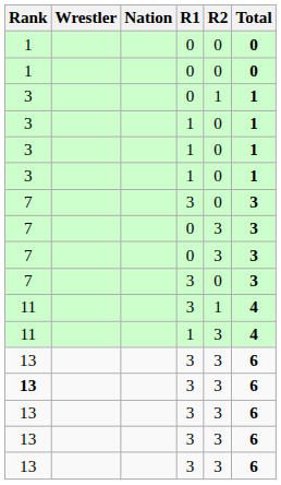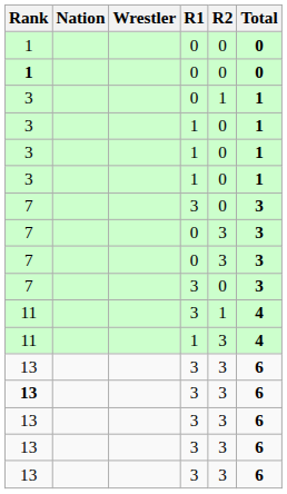 <table class="wikitable sortable" style="text-align:center;">
 <tr>
 <th>Rank</th>
+<th>Nation</th>
 <th>Wrestler</th>
-<th>Nation</th>
 <th>R1</th>
 <th>R2</th>
 <th>Total</th>
 </tr>
 <tr style="background:#cfc;">
 <td>1</td>
 <td align=left></td>
 <td align=left></td>
 <td>0</td>
 <td>0</td>
 <td><strong>0</strong></td>
 </tr>
 <tr style="background:#cfc;">
-<td>1</td>
+<td><strong>1</strong></td>
 <td align=left></td>
 <td align=left></td>
 <td>0</td>
 <td>0</td>
 <td><strong>0</strong></td>
 </tr>
 <tr style="background:#cfc;">
 <td>3</td>
 <td align=left></td>
 <td align=left></td>
 <td>0</td>
 <td>1</td>
 <td><strong>1</strong></td>
 </tr>
 <tr style="background:#cfc;">
 <td>3</td>
 <td align=left></td>
 <td align=left></td>
 <td>1</td>
 <td>0</td>
 <td><strong>1</strong></td>
 </tr>
 <tr style="background:#cfc;">
 <td>3</td>
 <td align=left></td>
 <td align=left></td>
 <td>1</td>
 <td>0</td>
 <td><strong>1</strong></td>
 </tr>
 <tr style="background:#cfc;">
 <td>3</td>
 <td align=left></td>
 <td align=left></td>
 <td>1</td>
 <td>0</td>
 <td><strong>1</strong></td>
 </tr>
 <tr style="background:#cfc;">
 <td>7</td>
 <td align=left></td>
 <td align=left></td>
 <td>3</td>
 <td>0</td>
 <td><strong>3</strong></td>
 </tr>
 <tr style="background:#cfc;">
 <td>7</td>
 <td align=left></td>
 <td align=left></td>
 <td>0</td>
 <td>3</td>
 <td><strong>3</strong></td>
 </tr>
 <tr style="background:#cfc;">
 <td>7</td>
 <td align=left></td>
 <td align=left></td>
 <td>0</td>
 <td>3</td>
 <td><strong>3</strong></td>
 </tr>
 <tr style="background:#cfc;">
 <td>7</td>
 <td align=left></td>
 <td align=left></td>
 <td>3</td>
 <td>0</td>
 <td><strong>3</strong></td>
 </tr>
 <tr style="background:#cfc;">
 <td>11</td>
 <td align=left></td>
 <td align=left></td>
 <td>3</td>
 <td>1</td>
 <td><strong>4</strong></td>
 </tr>
 <tr style="background:#cfc;">
 <td>11</td>
 <td align=left></td>
 <td align=left></td>
 <td>1</td>
 <td>3</td>
 <td><strong>4</strong></td>
 </tr>
 <tr>
 <td>13</td>
 <td align=left></td>
 <td align=left></td>
 <td>3</td>
 <td>3</td>
 <td><strong>6</strong></td>
 </tr>
 <tr>
 <td><strong>13</strong></td>
 <td align=left></td>
 <td align=left></td>
 <td>3</td>
 <td>3</td>
 <td><strong>6</strong></td>
 </tr>
 <tr>
 <td>13</td>
 <td align=left></td>
 <td align=left></td>
 <td>3</td>
 <td>3</td>
 <td><strong>6</strong></td>
 </tr>
 <tr>
 <td>13</td>
 <td align=left></td>
 <td align=left></td>
 <td>3</td>
 <td>3</td>
 <td><strong>6</strong></td>
 </tr>
 <tr>
 <td>13</td>
 <td align=left></td>
 <td align=left></td>
 <td>3</td>
 <td>3</td>
 <td><strong>6</strong></td>
 </tr>
 </table>
